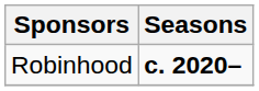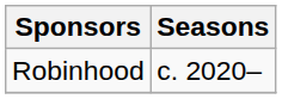 <table class="wikitable collapsible">
 <tr>
 <th>Sponsors</th>
 <th>Seasons</th>
 </tr>
 <tr>
 <td>Robinhood</td>
-<td><strong>c. 2020–</strong></td>
+<td>c. 2020–</td>
 </tr>
 <tr>
 </tr>
 </table>
